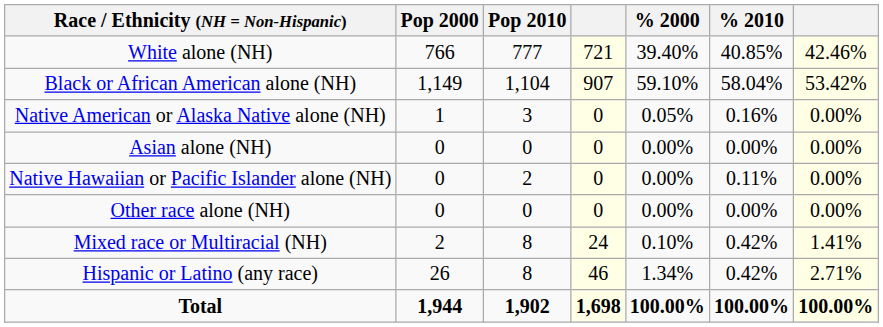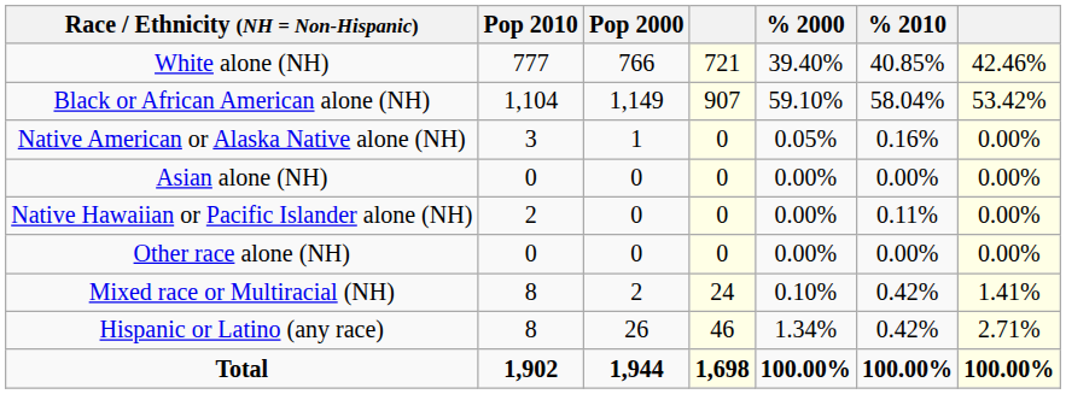 <table class="wikitable" style="text-align:center;">
 <tr>
 <th>Race / Ethnicity <small>(<em>NH = Non-Hispanic</em>)</small></th>
+<th>Pop 2010</th>
 <th>Pop 2000</th>
-<th>Pop 2010</th>
 <th></th>
 <th>% 2000</th>
 <th>% 2010</th>
 <th></th>
 </tr>
 <tr>
 <td><a href='#'>White</a> alone (NH)</td>
+<td>777</td>
 <td>766</td>
-<td>777</td>
 <td style='background: #ffffe6;'>721</td>
 <td>39.40%</td>
 <td>40.85%</td>
 <td style='background: #ffffe6;'>42.46%</td>
 </tr>
 <tr>
 <td><a href='#'>Black or African American</a> alone (NH)</td>
+<td>1,104</td>
 <td>1,149</td>
-<td>1,104</td>
 <td style='background: #ffffe6;'>907</td>
 <td>59.10%</td>
 <td>58.04%</td>
 <td style='background: #ffffe6;'>53.42%</td>
 </tr>
 <tr>
 <td><a href='#'>Native American</a> or <a href='#'>Alaska Native</a> alone (NH)</td>
+<td>3</td>
 <td>1</td>
-<td>3</td>
 <td style='background: #ffffe6;'>0</td>
 <td>0.05%</td>
 <td>0.16%</td>
 <td style='background: #ffffe6;'>0.00%</td>
 </tr>
 <tr>
 <td><a href='#'>Asian</a> alone (NH)</td>
 <td>0</td>
 <td>0</td>
 <td style='background: #ffffe6;'>0</td>
 <td>0.00%</td>
 <td>0.00%</td>
 <td style='background: #ffffe6;'>0.00%</td>
 </tr>
 <tr>
 <td><a href='#'>Native Hawaiian</a> or <a href='#'>Pacific Islander</a> alone (NH)</td>
+<td>2</td>
 <td>0</td>
-<td>2</td>
 <td style='background: #ffffe6;'>0</td>
 <td>0.00%</td>
 <td>0.11%</td>
 <td style='background: #ffffe6;'>0.00%</td>
 </tr>
 <tr>
 <td><a href='#'>Other race</a> alone (NH)</td>
 <td>0</td>
 <td>0</td>
 <td style='background: #ffffe6;'>0</td>
 <td>0.00%</td>
 <td>0.00%</td>
 <td style='background: #ffffe6;'>0.00%</td>
 </tr>
 <tr>
 <td><a href='#'>Mixed race or Multiracial</a> (NH)</td>
+<td>8</td>
 <td>2</td>
-<td>8</td>
 <td style='background: #ffffe6;'>24</td>
 <td>0.10%</td>
 <td>0.42%</td>
 <td style='background: #ffffe6;'>1.41%</td>
 </tr>
 <tr>
 <td><a href='#'>Hispanic or Latino</a> (any race)</td>
+<td>8</td>
 <td>26</td>
-<td>8</td>
 <td style='background: #ffffe6;'>46</td>
 <td>1.34%</td>
 <td>0.42%</td>
 <td style='background: #ffffe6;'>2.71%</td>
 </tr>
 <tr>
 <td><strong>Total</strong></td>
+<td><strong>1,902</strong></td>
 <td><strong>1,944</strong></td>
-<td><strong>1,902</strong></td>
 <td style='background: #ffffe6;'><strong>1,698</strong></td>
 <td><strong>100.00%</strong></td>
 <td><strong>100.00%</strong></td>
 <td style='background: #ffffe6;'><strong>100.00%</strong></td>
 </tr>
 </table>
